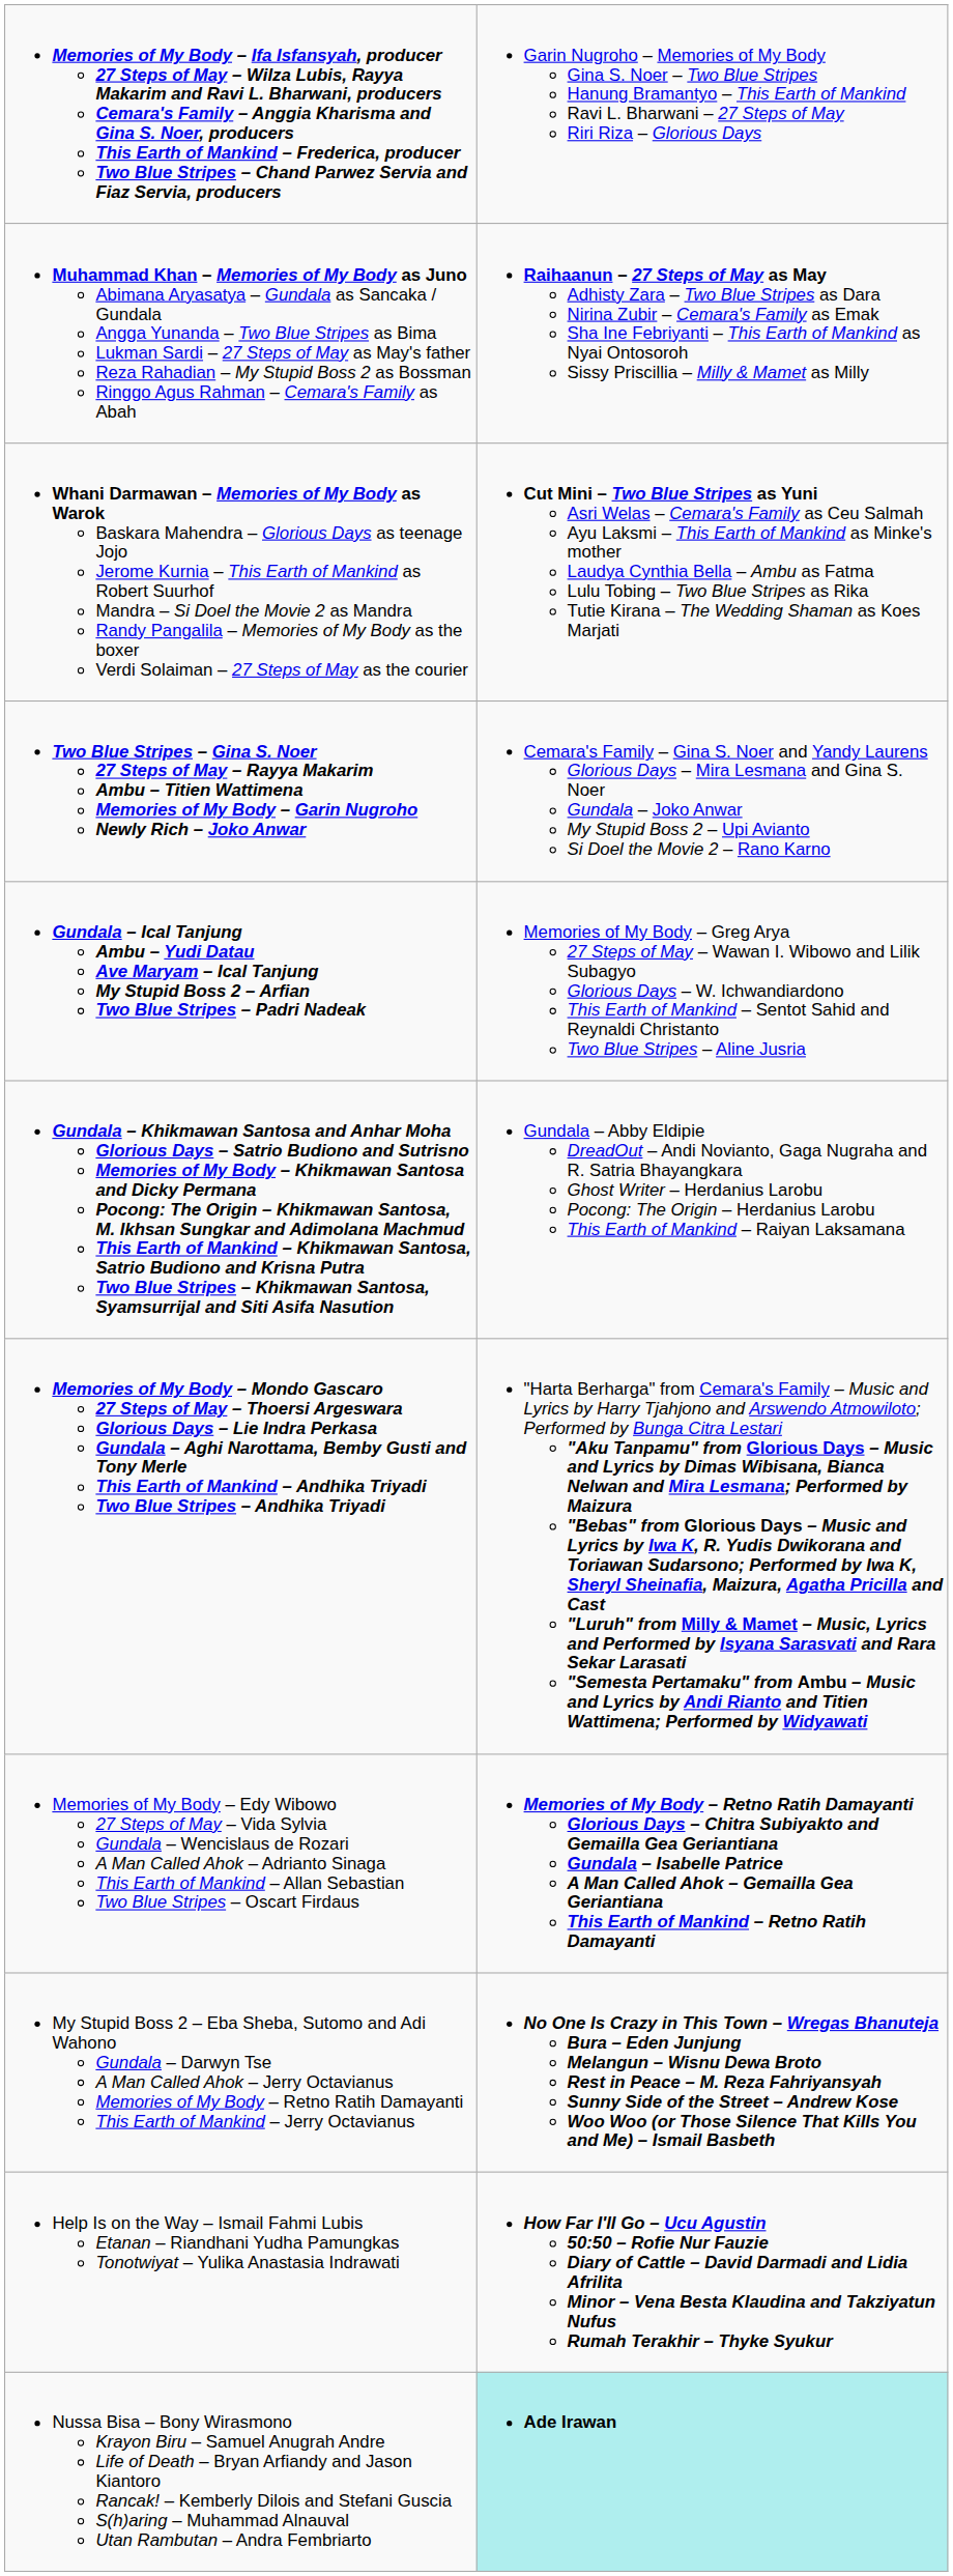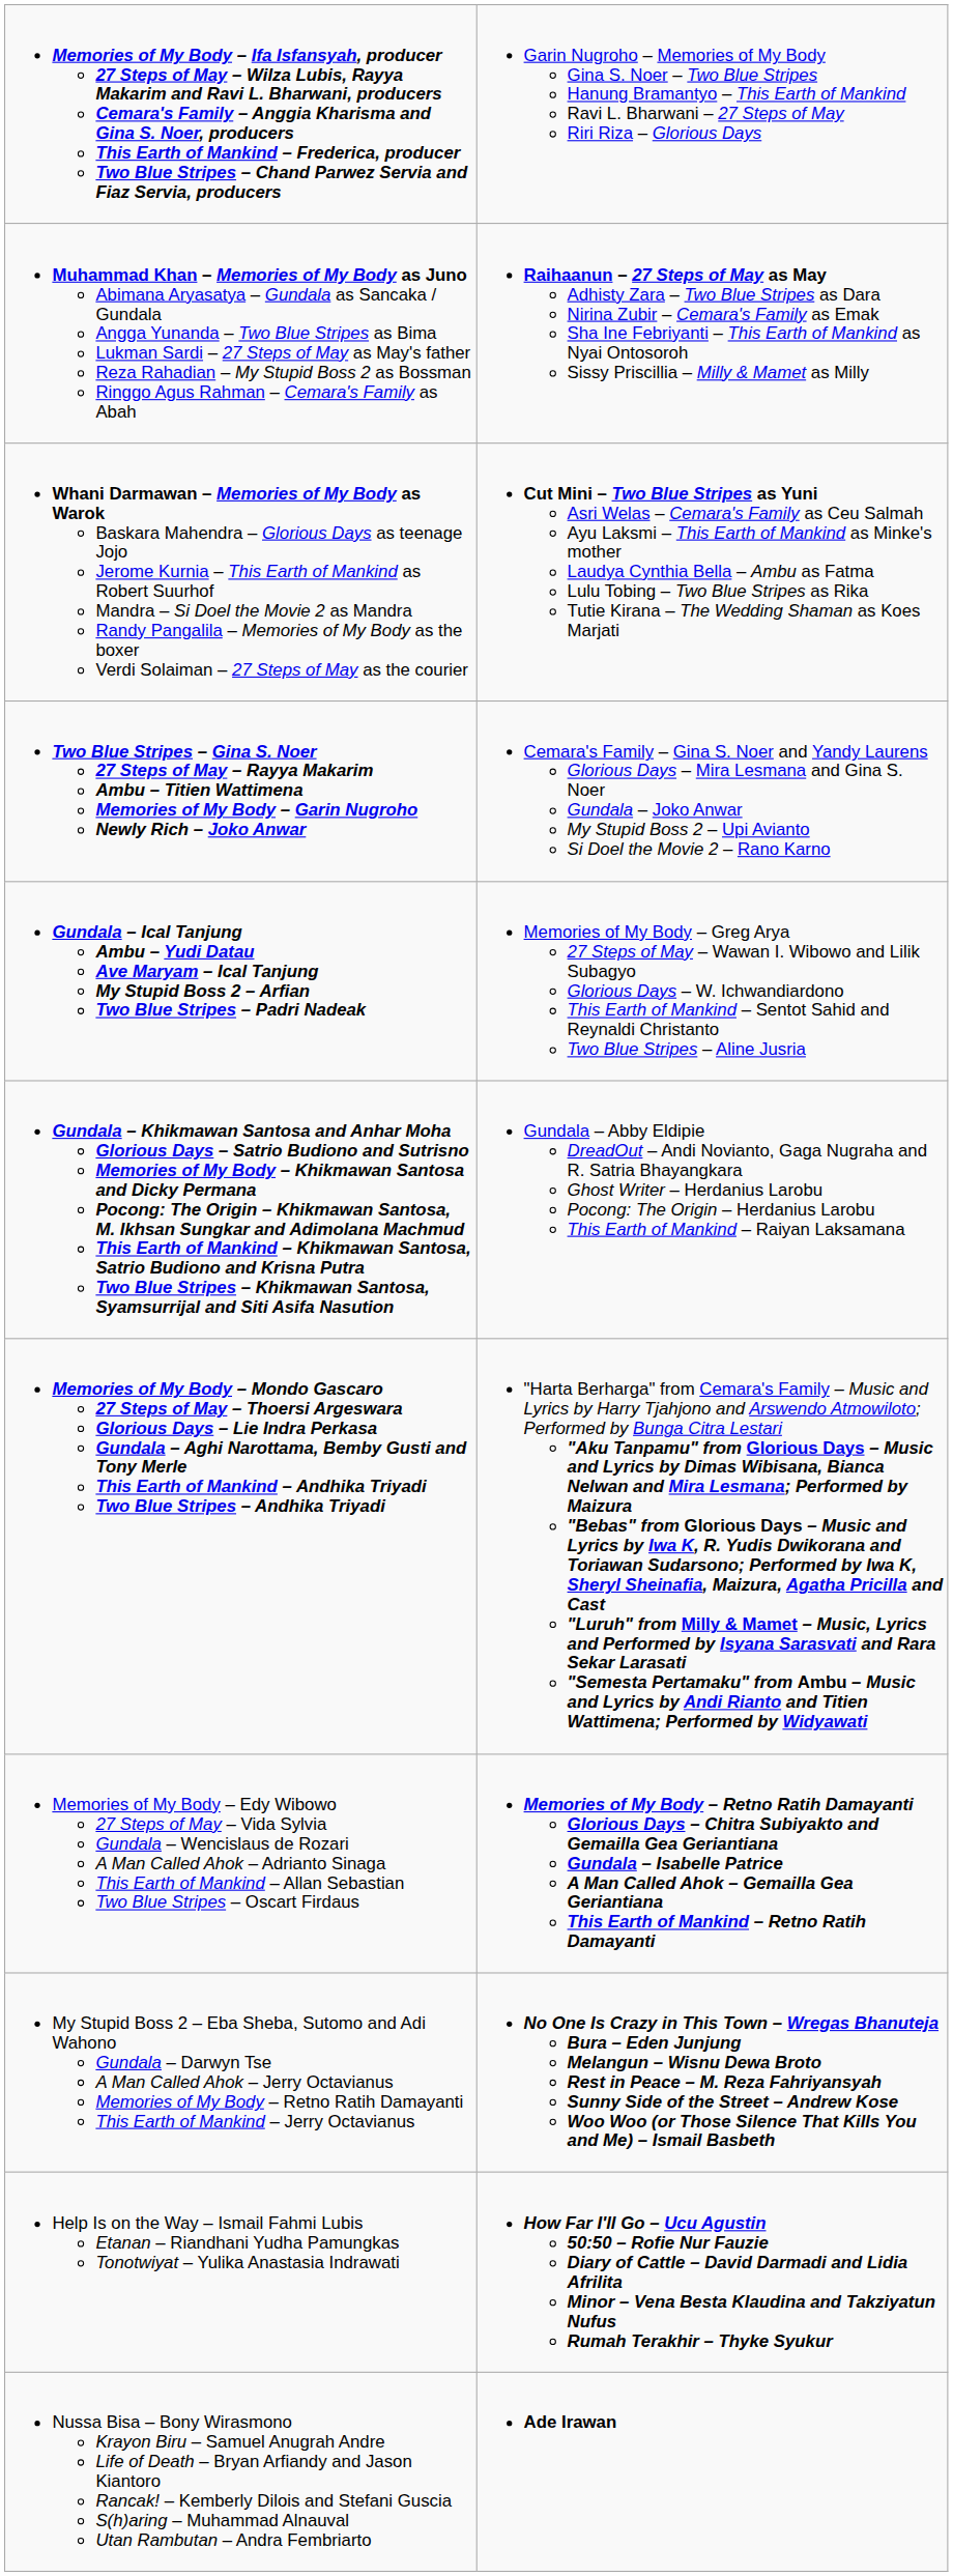 <table class="wikitable" role="presentation">
 <tr>
 <td style="vertical-align:top; width:50%;"><br><ul><li><strong><em><a href='#'>Memories of My Body</a><em> – <a href='#'>Ifa Isfansyah</a>, producer<strong><ul><li></em><a href='#'>27 Steps of May</a><em> – Wilza Lubis, Rayya Makarim and Ravi L. Bharwani, producers</li><li></em><a href='#'>Cemara's Family</a><em> – Anggia Kharisma and <a href='#'>Gina S. Noer</a>, producers</li><li></em><a href='#'>This Earth of Mankind</a><em> – Frederica, producer</li><li></em><a href='#'>Two Blue Stripes</a><em> – Chand Parwez Servia and Fiaz Servia, producers</li></ul></li></ul></td>
 <td style="vertical-align:top; width:50%;"><br><ul><li></strong><a href='#'>Garin Nugroho</a> – </em><a href='#'>Memories of My Body</a></em></strong><ul><li><a href='#'>Gina S. Noer</a> – <em><a href='#'>Two Blue Stripes</a></em></li><li><a href='#'>Hanung Bramantyo</a> – <em><a href='#'>This Earth of Mankind</a></em></li><li>Ravi L. Bharwani – <em><a href='#'>27 Steps of May</a></em></li><li><a href='#'>Riri Riza</a> – <em><a href='#'>Glorious Days</a></em></li></ul></li></ul></td>
 </tr>
 <tr>
 <td style="vertical-align:top; width:50%;"><br><ul><li><strong><a href='#'>Muhammad Khan</a> – <em><a href='#'>Memories of My Body</a></em> as Juno</strong><ul><li><a href='#'>Abimana Aryasatya</a> – <em><a href='#'>Gundala</a></em> as Sancaka / Gundala</li><li><a href='#'>Angga Yunanda</a> – <em><a href='#'>Two Blue Stripes</a></em> as Bima</li><li><a href='#'>Lukman Sardi</a> – <em><a href='#'>27 Steps of May</a></em> as May's father</li><li><a href='#'>Reza Rahadian</a> – <em>My Stupid Boss 2</em> as Bossman</li><li><a href='#'>Ringgo Agus Rahman</a> – <em><a href='#'>Cemara's Family</a></em> as Abah</li></ul></li></ul></td>
 <td style="vertical-align:top; width:50%;"><br><ul><li><strong><a href='#'>Raihaanun</a> – <em><a href='#'>27 Steps of May</a></em> as May</strong><ul><li><a href='#'>Adhisty Zara</a> – <em><a href='#'>Two Blue Stripes</a></em> as Dara</li><li><a href='#'>Nirina Zubir</a> – <em><a href='#'>Cemara's Family</a></em> as Emak</li><li><a href='#'>Sha Ine Febriyanti</a> – <em><a href='#'>This Earth of Mankind</a></em> as Nyai Ontosoroh</li><li>Sissy Priscillia – <em><a href='#'>Milly & Mamet</a></em> as Milly</li></ul></li></ul></td>
 </tr>
 <tr>
 <td style="vertical-align:top; width:50%;"><br><ul><li><strong>Whani Darmawan – <em><a href='#'>Memories of My Body</a></em> as Warok</strong><ul><li>Baskara Mahendra – <em><a href='#'>Glorious Days</a></em> as teenage Jojo</li><li><a href='#'>Jerome Kurnia</a> – <em><a href='#'>This Earth of Mankind</a></em> as Robert Suurhof</li><li>Mandra – <em>Si Doel the Movie 2</em> as Mandra</li><li><a href='#'>Randy Pangalila</a> – <em>Memories of My Body</em> as the boxer</li><li>Verdi Solaiman – <em><a href='#'>27 Steps of May</a></em> as the courier</li></ul></li></ul></td>
 <td style="vertical-align:top; width:50%;"><br><ul><li><strong>Cut Mini – <em><a href='#'>Two Blue Stripes</a></em> as Yuni</strong><ul><li><a href='#'>Asri Welas</a> – <em><a href='#'>Cemara's Family</a></em> as Ceu Salmah</li><li>Ayu Laksmi – <em><a href='#'>This Earth of Mankind</a></em> as Minke's mother</li><li><a href='#'>Laudya Cynthia Bella</a> – <em>Ambu</em> as Fatma</li><li>Lulu Tobing – <em>Two Blue Stripes</em> as Rika</li><li>Tutie Kirana – <em>The Wedding Shaman</em> as Koes Marjati</li></ul></li></ul></td>
 </tr>
 <tr>
 <td style="vertical-align:top; width:50%;"><br><ul><li><strong><em><a href='#'>Two Blue Stripes</a><em> – <a href='#'>Gina S. Noer</a><strong><ul><li></em><a href='#'>27 Steps of May</a><em> – Rayya Makarim</li><li></em>Ambu<em> – Titien Wattimena</li><li></em><a href='#'>Memories of My Body</a><em> – <a href='#'>Garin Nugroho</a></li><li></em>Newly Rich<em> – <a href='#'>Joko Anwar</a></li></ul></li></ul></td>
 <td style="vertical-align:top; width:50%;"><br><ul><li></em></strong><a href='#'>Cemara's Family</a></em> – <a href='#'>Gina S. Noer</a> and <a href='#'>Yandy Laurens</a></strong><ul><li><em><a href='#'>Glorious Days</a></em> – <a href='#'>Mira Lesmana</a> and Gina S. Noer</li><li><em><a href='#'>Gundala</a></em> – <a href='#'>Joko Anwar</a></li><li><em>My Stupid Boss 2</em> – <a href='#'>Upi Avianto</a></li><li><em>Si Doel the Movie 2</em> – <a href='#'>Rano Karno</a></li></ul></li></ul></td>
 </tr>
 <tr>
 <td style="vertical-align:top; width:50%;"><br><ul><li><strong><em><a href='#'>Gundala</a><em> – Ical Tanjung<strong><ul><li></em>Ambu<em> – <a href='#'>Yudi Datau</a></li><li></em><a href='#'>Ave Maryam</a><em> – Ical Tanjung</li><li></em>My Stupid Boss 2<em> – Arfian</li><li></em><a href='#'>Two Blue Stripes</a><em> – Padri Nadeak</li></ul></li></ul></td>
 <td style="vertical-align:top; width:50%;"><br><ul><li></em></strong><a href='#'>Memories of My Body</a></em> – Greg Arya</strong><ul><li><em><a href='#'>27 Steps of May</a></em> – Wawan I. Wibowo and Lilik Subagyo</li><li><em><a href='#'>Glorious Days</a></em> – W. Ichwandiardono</li><li><em><a href='#'>This Earth of Mankind</a></em> – Sentot Sahid and Reynaldi Christanto</li><li><em><a href='#'>Two Blue Stripes</a></em> – <a href='#'>Aline Jusria</a></li></ul></li></ul></td>
 </tr>
 <tr>
 <td style="vertical-align:top; width:50%;"><br><ul><li><strong><em><a href='#'>Gundala</a><em> – Khikmawan Santosa and Anhar Moha<strong><ul><li></em><a href='#'>Glorious Days</a><em> – Satrio Budiono and Sutrisno</li><li></em><a href='#'>Memories of My Body</a><em> – Khikmawan Santosa and Dicky Permana</li><li></em>Pocong: The Origin<em> – Khikmawan Santosa, M. Ikhsan Sungkar and Adimolana Machmud</li><li></em><a href='#'>This Earth of Mankind</a><em> – Khikmawan Santosa, Satrio Budiono and Krisna Putra</li><li></em><a href='#'>Two Blue Stripes</a><em> – Khikmawan Santosa, Syamsurrijal and Siti Asifa Nasution</li></ul></li></ul></td>
 <td style="vertical-align:top; width:50%;"><br><ul><li></em></strong><a href='#'>Gundala</a></em> – Abby Eldipie</strong><ul><li><em><a href='#'>DreadOut</a></em> – Andi Novianto, Gaga Nugraha and R. Satria Bhayangkara</li><li><em>Ghost Writer</em> – Herdanius Larobu</li><li><em>Pocong: The Origin</em> – Herdanius Larobu</li><li><em><a href='#'>This Earth of Mankind</a></em> – Raiyan Laksamana</li></ul></li></ul></td>
 </tr>
 <tr>
 <td style="vertical-align:top; width:50%;"><br><ul><li><strong><em><a href='#'>Memories of My Body</a><em> – Mondo Gascaro<strong><ul><li></em><a href='#'>27 Steps of May</a><em> – Thoersi Argeswara</li><li></em><a href='#'>Glorious Days</a><em> – Lie Indra Perkasa</li><li></em><a href='#'>Gundala</a><em> – Aghi Narottama, Bemby Gusti and Tony Merle</li><li></em><a href='#'>This Earth of Mankind</a><em> – Andhika Triyadi</li><li></em><a href='#'>Two Blue Stripes</a><em> – Andhika Triyadi</li></ul></li></ul></td>
 <td style="vertical-align:top; width:50%;"><br><ul><li></strong>"Harta Berharga" from </em><a href='#'>Cemara's Family</a><em> – Music and Lyrics by Harry Tjahjono and <a href='#'>Arswendo Atmowiloto</a>; Performed by <a href='#'>Bunga Citra Lestari</a><strong><ul><li>"Aku Tanpamu" from </em><a href='#'>Glorious Days</a><em> – Music and Lyrics by Dimas Wibisana, Bianca Nelwan and <a href='#'>Mira Lesmana</a>; Performed by Maizura</li><li>"Bebas" from </em>Glorious Days<em> – Music and Lyrics by <a href='#'>Iwa K</a>, R. Yudis Dwikorana and Toriawan Sudarsono; Performed by Iwa K, <a href='#'>Sheryl Sheinafia</a>, Maizura, <a href='#'>Agatha Pricilla</a> and Cast</li><li>"Luruh" from </em><a href='#'>Milly & Mamet</a><em> – Music, Lyrics and Performed by <a href='#'>Isyana Sarasvati</a> and Rara Sekar Larasati</li><li>"Semesta Pertamaku" from </em>Ambu<em> – Music and Lyrics by <a href='#'>Andi Rianto</a> and Titien Wattimena; Performed by <a href='#'>Widyawati</a></li></ul></li></ul></td>
 </tr>
 <tr>
 <td style="vertical-align:top; width:50%;"><br><ul><li></em></strong><a href='#'>Memories of My Body</a></em> – Edy Wibowo</strong><ul><li><em><a href='#'>27 Steps of May</a></em> – Vida Sylvia</li><li><em><a href='#'>Gundala</a></em> – Wencislaus de Rozari</li><li><em>A Man Called Ahok</em> – Adrianto Sinaga</li><li><em><a href='#'>This Earth of Mankind</a></em> – Allan Sebastian</li><li><em><a href='#'>Two Blue Stripes</a></em> – Oscart Firdaus</li></ul></li></ul></td>
 <td style="vertical-align:top; width:50%;"><br><ul><li><strong><em><a href='#'>Memories of My Body</a><em> – Retno Ratih Damayanti<strong><ul><li></em><a href='#'>Glorious Days</a><em> – Chitra Subiyakto and Gemailla Gea Geriantiana</li><li></em><a href='#'>Gundala</a><em> – Isabelle Patrice</li><li></em>A Man Called Ahok<em> – Gemailla Gea Geriantiana</li><li></em><a href='#'>This Earth of Mankind</a><em> – Retno Ratih Damayanti</li></ul></li></ul></td>
 </tr>
 <tr>
 <td style="vertical-align:top; width:50%;"><br><ul><li></em></strong>My Stupid Boss 2</em> – Eba Sheba, Sutomo and Adi Wahono</strong><ul><li><em><a href='#'>Gundala</a></em> – Darwyn Tse</li><li><em>A Man Called Ahok</em> – Jerry Octavianus</li><li><em><a href='#'>Memories of My Body</a></em> – Retno Ratih Damayanti</li><li><em><a href='#'>This Earth of Mankind</a></em> – Jerry Octavianus</li></ul></li></ul></td>
 <td style="vertical-align:top; width:50%;"><br><ul><li><strong><em>No One Is Crazy in This Town<em> – <a href='#'>Wregas Bhanuteja</a><strong><ul><li></em>Bura<em> – Eden Junjung</li><li></em>Melangun<em> – Wisnu Dewa Broto</li><li></em>Rest in Peace<em> – M. Reza Fahriyansyah</li><li></em>Sunny Side of the Street<em> – Andrew Kose</li><li></em>Woo Woo (or Those Silence That Kills You and Me)<em> – Ismail Basbeth</li></ul></li></ul></td>
 </tr>
 <tr>
 <td style="vertical-align:top; width:50%;"><br><ul><li></em></strong>Help Is on the Way</em> – Ismail Fahmi Lubis</strong><ul><li><em>Etanan</em> – Riandhani Yudha Pamungkas</li><li><em>Tonotwiyat</em> – Yulika Anastasia Indrawati</li></ul></li></ul></td>
 <td style="vertical-align:top; width:50%;"><br><ul><li><strong><em>How Far I'll Go<em> – <a href='#'>Ucu Agustin</a><strong><ul><li></em>50:50<em> – Rofie Nur Fauzie</li><li></em>Diary of Cattle<em> – David Darmadi and Lidia Afrilita</li><li></em>Minor<em> – Vena Besta Klaudina and Takziyatun Nufus</li><li></em>Rumah Terakhir<em> – Thyke Syukur</li></ul></li></ul></td>
 </tr>
 <tr>
 <td style="vertical-align:top; width:50%;"><br><ul><li></em></strong>Nussa Bisa</em> – Bony Wirasmono</strong><ul><li><em>Krayon Biru</em> – Samuel Anugrah Andre</li><li><em>Life of Death</em> – Bryan Arfiandy and Jason Kiantoro</li><li><em>Rancak!</em> – Kemberly Dilois and Stefani Guscia</li><li><em>S(h)aring</em> – Muhammad Alnauval</li><li><em>Utan Rambutan</em> – Andra Fembriarto</li></ul></li></ul></td>
-<td style="background: paleturquoise; vertical-align:top; width:50%;"><br><ul><li><strong>Ade Irawan</strong></li></ul></td>
+<td style="vertical-align:top; width:50%;"><br><ul><li><strong>Ade Irawan</strong></li></ul></td>
 </tr>
 </table>
